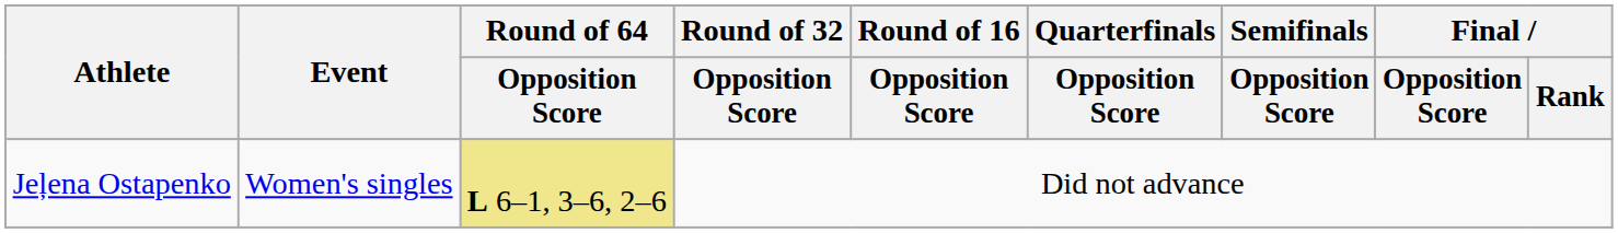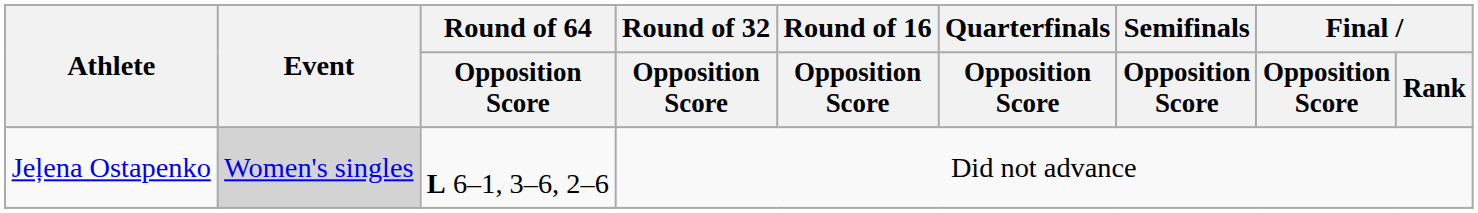 <table class=wikitable style="font-size:90%">
 <tr>
 <th rowspan="2">Athlete</th>
 <th rowspan="2">Event</th>
 <th>Round of 64</th>
 <th>Round of 32</th>
 <th>Round of 16</th>
 <th>Quarterfinals</th>
 <th>Semifinals</th>
 <th colspan=2>Final / </th>
 </tr>
 <tr style="font-size:95%">
 <th>Opposition<br>Score</th>
 <th>Opposition<br>Score</th>
 <th>Opposition<br>Score</th>
 <th>Opposition<br>Score</th>
 <th>Opposition<br>Score</th>
 <th>Opposition<br>Score</th>
 <th>Rank</th>
 </tr>
 <tr align=center>
 <td align=left><a href='#'>Jeļena Ostapenko</a></td>
-<td align=left><a href='#'>Women's singles</a></td>
-<td style="background: khaki;"><br><strong>L</strong> 6–1, 3–6, 2–6</td>
+<td align=left style="background: lightgrey;"><a href='#'>Women's singles</a></td>
+<td><br><strong>L</strong> 6–1, 3–6, 2–6</td>
 <td colspan=6>Did not advance</td>
 </tr>
 </table>
